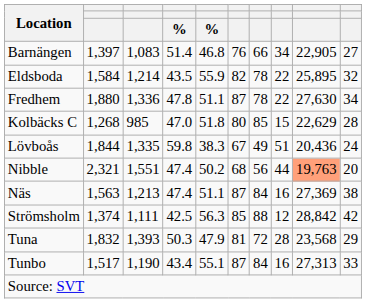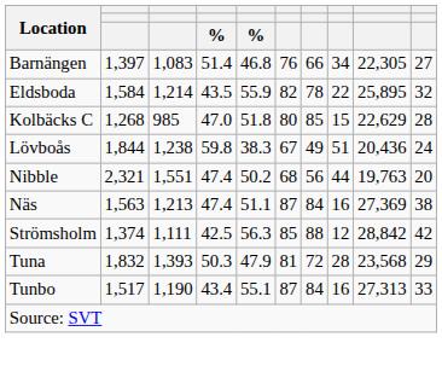 <table role="presentation" class="wikitable sortable mw-collapsible">
 <tr>
 <th rowspan="3">Location</th>
 <th></th>
 <th></th>
 <th></th>
 <th></th>
 <th></th>
 <th></th>
 <th></th>
 <th></th>
 <th></th>
 </tr>
 <tr>
 <th></th>
 <th></th>
 <th style="background:"></th>
 <th style="background:"></th>
 <th></th>
 <th></th>
 <th></th>
 <th></th>
 <th></th>
 </tr>
 <tr>
 <th data-sort-type="number"></th>
 <th data-sort-type="number"></th>
 <th data-sort-type="number">%</th>
 <th data-sort-type="number">%</th>
 <th data-sort-type="number"></th>
 <th data-sort-type="number"></th>
 <th data-sort-type="number"></th>
 <th data-sort-type="number"></th>
 <th data-sort-type="number"></th>
 </tr>
 <tr>
 <td align="left">Barnängen</td>
 <td>1,397</td>
 <td>1,083</td>
 <td>51.4</td>
 <td>46.8</td>
 <td>76</td>
 <td>66</td>
 <td>34</td>
-<td>22,905</td>
+<td>22,305</td>
 <td>27</td>
 </tr>
 <tr>
 <td align="left">Eldsboda</td>
 <td>1,584</td>
 <td>1,214</td>
 <td>43.5</td>
 <td>55.9</td>
 <td>82</td>
 <td>78</td>
 <td>22</td>
 <td>25,895</td>
 <td>32</td>
-</tr>
-<tr>
-<td align="left">Fredhem</td>
-<td>1,880</td>
-<td>1,336</td>
-<td>47.8</td>
-<td>51.1</td>
-<td>87</td>
-<td>78</td>
-<td>22</td>
-<td>27,630</td>
-<td>34</td>
 </tr>
 <tr>
 <td align="left">Kolbäcks C</td>
 <td>1,268</td>
 <td>985</td>
 <td>47.0</td>
 <td>51.8</td>
 <td>80</td>
 <td>85</td>
 <td>15</td>
 <td>22,629</td>
 <td>28</td>
 </tr>
 <tr>
 <td align="left">Lövboås</td>
 <td>1,844</td>
-<td>1,335</td>
+<td>1,238</td>
 <td>59.8</td>
 <td>38.3</td>
 <td>67</td>
 <td>49</td>
 <td>51</td>
 <td>20,436</td>
 <td>24</td>
 </tr>
 <tr>
 <td align="left">Nibble</td>
 <td>2,321</td>
 <td>1,551</td>
 <td>47.4</td>
 <td>50.2</td>
 <td>68</td>
 <td>56</td>
 <td>44</td>
-<td style="background: lightsalmon;">19,763</td>
+<td>19,763</td>
 <td>20</td>
 </tr>
 <tr>
 <td align="left">Näs</td>
 <td>1,563</td>
 <td>1,213</td>
 <td>47.4</td>
 <td>51.1</td>
 <td>87</td>
 <td>84</td>
 <td>16</td>
 <td>27,369</td>
 <td>38</td>
 </tr>
 <tr>
 <td align="left">Strömsholm</td>
 <td>1,374</td>
 <td>1,111</td>
 <td>42.5</td>
 <td>56.3</td>
 <td>85</td>
 <td>88</td>
 <td>12</td>
 <td>28,842</td>
 <td>42</td>
 </tr>
 <tr>
 <td align="left">Tuna</td>
 <td>1,832</td>
 <td>1,393</td>
 <td>50.3</td>
 <td>47.9</td>
 <td>81</td>
 <td>72</td>
 <td>28</td>
 <td>23,568</td>
 <td>29</td>
 </tr>
 <tr>
 <td align="left">Tunbo</td>
 <td>1,517</td>
 <td>1,190</td>
 <td>43.4</td>
 <td>55.1</td>
 <td>87</td>
 <td>84</td>
 <td>16</td>
 <td>27,313</td>
 <td>33</td>
 </tr>
 <tr>
 <td colspan="10" align="left">Source: <a href='#'>SVT</a></td>
 </tr>
 </table>
